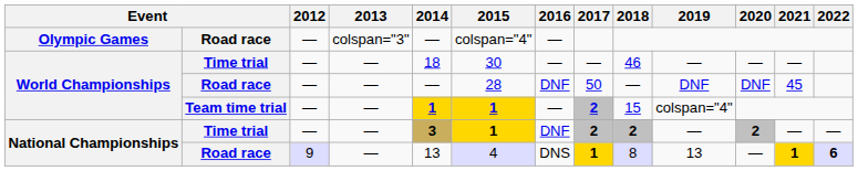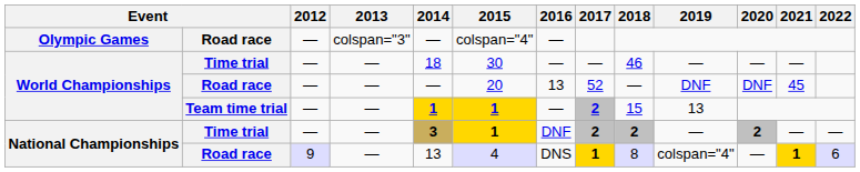 <table class="wikitable plainrowheaders">
 <tr>
 <th scope="col" colspan=2>Event</th>
 <th scope="col">2012</th>
 <th scope="col">2013</th>
 <th scope="col">2014</th>
 <th scope="col">2015</th>
 <th scope="col">2016</th>
 <th scope="col">2017</th>
 <th scope="col">2018</th>
 <th scope="col">2019</th>
 <th scope="col">2020</th>
 <th scope="col">2021</th>
 <th scope="col">2022</th>
 </tr>
 <tr style="text-align:center;">
 <th scope="row"> <a href='#'>Olympic Games</a></th>
 <th scope="row">Road race</th>
 <td>—</td>
 <td>colspan="3" </td>
 <td>—</td>
 <td>colspan="4" </td>
 <td>—</td>
 <td></td>
 </tr>
 <tr style="text-align:center;">
 <th rowspan="3" scope="row"> <a href='#'>World Championships</a></th>
 <th scope="row"><a href='#'>Time trial</a></th>
 <td>—</td>
 <td>—</td>
 <td><a href='#'>18</a></td>
 <td><a href='#'>30</a></td>
 <td>—</td>
 <td>—</td>
 <td><a href='#'>46</a></td>
 <td>—</td>
 <td>—</td>
 <td>—</td>
 <td></td>
 </tr>
 <tr style="text-align:center;">
 <th scope="row"><a href='#'>Road race</a></th>
 <td>—</td>
 <td>—</td>
 <td>—</td>
-<td><a href='#'>28</a></td>
-<td><a href='#'>DNF</a></td>
-<td><a href='#'>50</a></td>
+<td><a href='#'>20</a></td>
+<td>13</td>
+<td><a href='#'>52</a></td>
 <td>—</td>
 <td><a href='#'>DNF</a></td>
 <td><a href='#'>DNF</a></td>
 <td><a href='#'>45</a></td>
 <td></td>
 </tr>
 <tr style="text-align:center;">
 <th scope="row"><a href='#'>Team time trial</a></th>
 <td>—</td>
 <td>—</td>
 <td style="background:gold;"><strong><a href='#'>1</a></strong></td>
 <td style="background:gold;"><strong><a href='#'>1</a></strong></td>
 <td>—</td>
 <td style="text-align:center; background:#C0C0C0;"><strong><a href='#'>2</a></strong></td>
 <td><a href='#'>15</a></td>
-<td>colspan="4" </td>
+<td>13</td>
 </tr>
 <tr style="text-align:center;">
 <th rowspan="2" scope="row"> National Championships</th>
 <th scope="row"><a href='#'>Time trial</a></th>
 <td>—</td>
 <td>—</td>
 <td style="background:#C9AE5D;"><strong>3</strong></td>
 <td style="background:gold;"><strong>1</strong></td>
 <td><a href='#'>DNF</a></td>
 <td style="background:#C0C0C0;"><strong>2</strong></td>
 <td style="background:#C0C0C0;"><strong>2</strong></td>
 <td>—</td>
 <td style="background:#C0C0C0;"><strong>2</strong></td>
 <td>—</td>
 <td>—</td>
 </tr>
 <tr style="text-align:center;">
 <th scope="row"><a href='#'>Road race</a></th>
 <td style="background:#ddddff;">9</td>
 <td>—</td>
 <td>13</td>
 <td style="background:#ddddff;">4</td>
 <td>DNS</td>
 <td style="background:gold;"><strong>1</strong></td>
 <td style="background:#ddddff;">8</td>
-<td>13</td>
+<td>colspan="4" </td>
 <td>—</td>
 <td style="background:gold;"><strong>1</strong></td>
-<td style="background:#ddddff;"><strong>6</strong></td>
+<td style="background:#ddddff;">6</td>
 </tr>
 </table>
